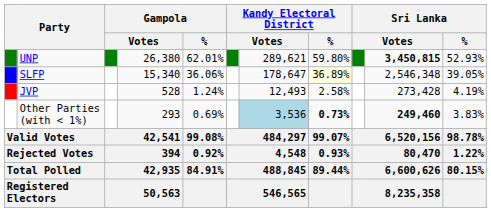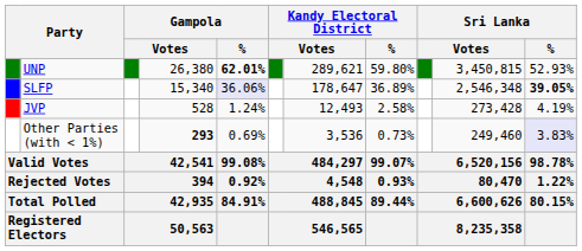 <table class="wikitable">
 <tr>
 <th colspan="2" width="144px"rowspan="2">Party</th>
 <th colspan="3" width="216px">Gampola</th>
 <th colspan="3" width="216px"><a href='#'>Kandy Electoral District</a></th>
 <th colspan="3" width="216px">Sri Lanka</th>
 </tr>
 <tr>
 <th colspan="2" width="144px">Votes</th>
 <th>%</th>
 <th colspan="2" width="144px">Votes</th>
 <th>%</th>
 <th colspan="2" width="144px">Votes</th>
 <th>%</th>
 </tr>
 <tr>
 <td style="background-color:green;" width="10px"></td>
 <td style="text-align:left;"><a href='#'>UNP</a></td>
 <td style="background-color:green;" width="10px"></td>
 <td style="text-align:right;">26,380</td>
-<td style="text-align:right;">62.01%</td>
+<td style="text-align:right;"><strong>62.01%</strong></td>
 <td style="background-color:green;" width="10px"></td>
 <td style="text-align:right;">289,621</td>
 <td style="text-align:right;">59.80%</td>
 <td style="background-color:green;" width="10px"></td>
-<td style="text-align:right;"><strong>3,450,815</strong></td>
+<td style="text-align:right;">3,450,815</td>
 <td style="text-align:right;">52.93%</td>
 </tr>
 <tr>
 <td style="background-color:blue;" width="10px"></td>
 <td style="text-align:left;"><a href='#'>SLFP</a></td>
 <td style="background-color:white;" width="10px"></td>
 <td style="text-align:right;">15,340</td>
-<td style="text-align:right;">36.06%</td>
+<td style="background: lavender; text-align:right;">36.06%</td>
 <td style="background-color:white;" width="10px"></td>
 <td style="text-align:right;">178,647</td>
-<td style="background: lightyellow; text-align:right;">36.89%</td>
+<td style="text-align:right;">36.89%</td>
 <td style="background-color:white;" width="10px"></td>
 <td style="text-align:right;">2,546,348</td>
-<td style="text-align:right;">39.05%</td>
+<td style="text-align:right;"><strong>39.05%</strong></td>
 </tr>
 <tr>
 <td style="background-color:red;" width="10px"></td>
 <td style="text-align:left;"><a href='#'>JVP</a></td>
 <td style="background-color:white;" width="10px"></td>
 <td style="text-align:right;">528</td>
 <td style="text-align:right;">1.24%</td>
 <td style="background-color:white;" width="10px"></td>
 <td style="text-align:right;">12,493</td>
 <td style="text-align:right;">2.58%</td>
 <td style="background-color:white;" width="10px"></td>
 <td style="text-align:right;">273,428</td>
 <td style="text-align:right;">4.19%</td>
 </tr>
 <tr>
 <td style="background-color:white;" width="10px"></td>
 <td style="text-align:left;">Other Parties (with < 1%)</td>
 <td style="background-color:white;" width="10px"></td>
-<td style="text-align:right;">293</td>
+<td style="text-align:right;"><strong>293</strong></td>
 <td style="text-align:right;">0.69%</td>
 <td style="background-color:white;" width="10px"></td>
-<td style="background: lightblue; text-align:right;">3,536</td>
-<td style="text-align:right;"><strong>0.73%</strong></td>
+<td style="text-align:right;">3,536</td>
+<td style="text-align:right;">0.73%</td>
 <td style="background-color:white;" width="10px"></td>
-<td style="text-align:right;"><strong>249,460</strong></td>
-<td style="text-align:right;">3.83%</td>
+<td style="text-align:right;">249,460</td>
+<td style="background: lavender; text-align:right;">3.83%</td>
 </tr>
 <tr>
 <th colspan="2" width="144px"style="text-align:left;">Valid Votes</th>
 <th style="text-align:right;"colspan="2" width="144px">42,541</th>
 <th style="text-align:right;">99.08%</th>
 <th style="text-align:right;"colspan="2" width="144px">484,297</th>
 <th style="text-align:right;">99.07%</th>
 <th style="text-align:right;"colspan="2" width="144px">6,520,156</th>
 <th style="text-align:right;">98.78%</th>
 </tr>
 <tr>
 <th colspan="2" width="144px"style="text-align:left;">Rejected Votes</th>
 <th style="text-align:right;"colspan="2" width="144px">394</th>
 <th style="text-align:right;">0.92%</th>
 <th style="text-align:right;"colspan="2" width="144px">4,548</th>
 <th style="text-align:right;">0.93%</th>
 <th style="text-align:right;"colspan="2" width="144px">80,470</th>
 <th style="text-align:right;">1.22%</th>
 </tr>
 <tr>
 <th colspan="2" width="144px"style="text-align:left;">Total Polled</th>
 <th style="text-align:right;"colspan="2" width="144px">42,935</th>
 <th style="text-align:right;">84.91%</th>
 <th style="text-align:right;"colspan="2" width="144px">488,845</th>
 <th style="text-align:right;">89.44%</th>
 <th style="text-align:right;"colspan="2" width="144px">6,600,626</th>
 <th style="text-align:right;">80.15%</th>
 </tr>
 <tr>
 <th colspan="2" width="144px"style="text-align:left;">Registered Electors</th>
 <th style="text-align:right;"colspan="2" width="144px">50,563</th>
 <th></th>
 <th style="text-align:right;"colspan="2" width="144px">546,565</th>
 <th></th>
 <th style="text-align:right;"colspan="2" width="144px">8,235,358</th>
 <th></th>
 </tr>
 </table>
